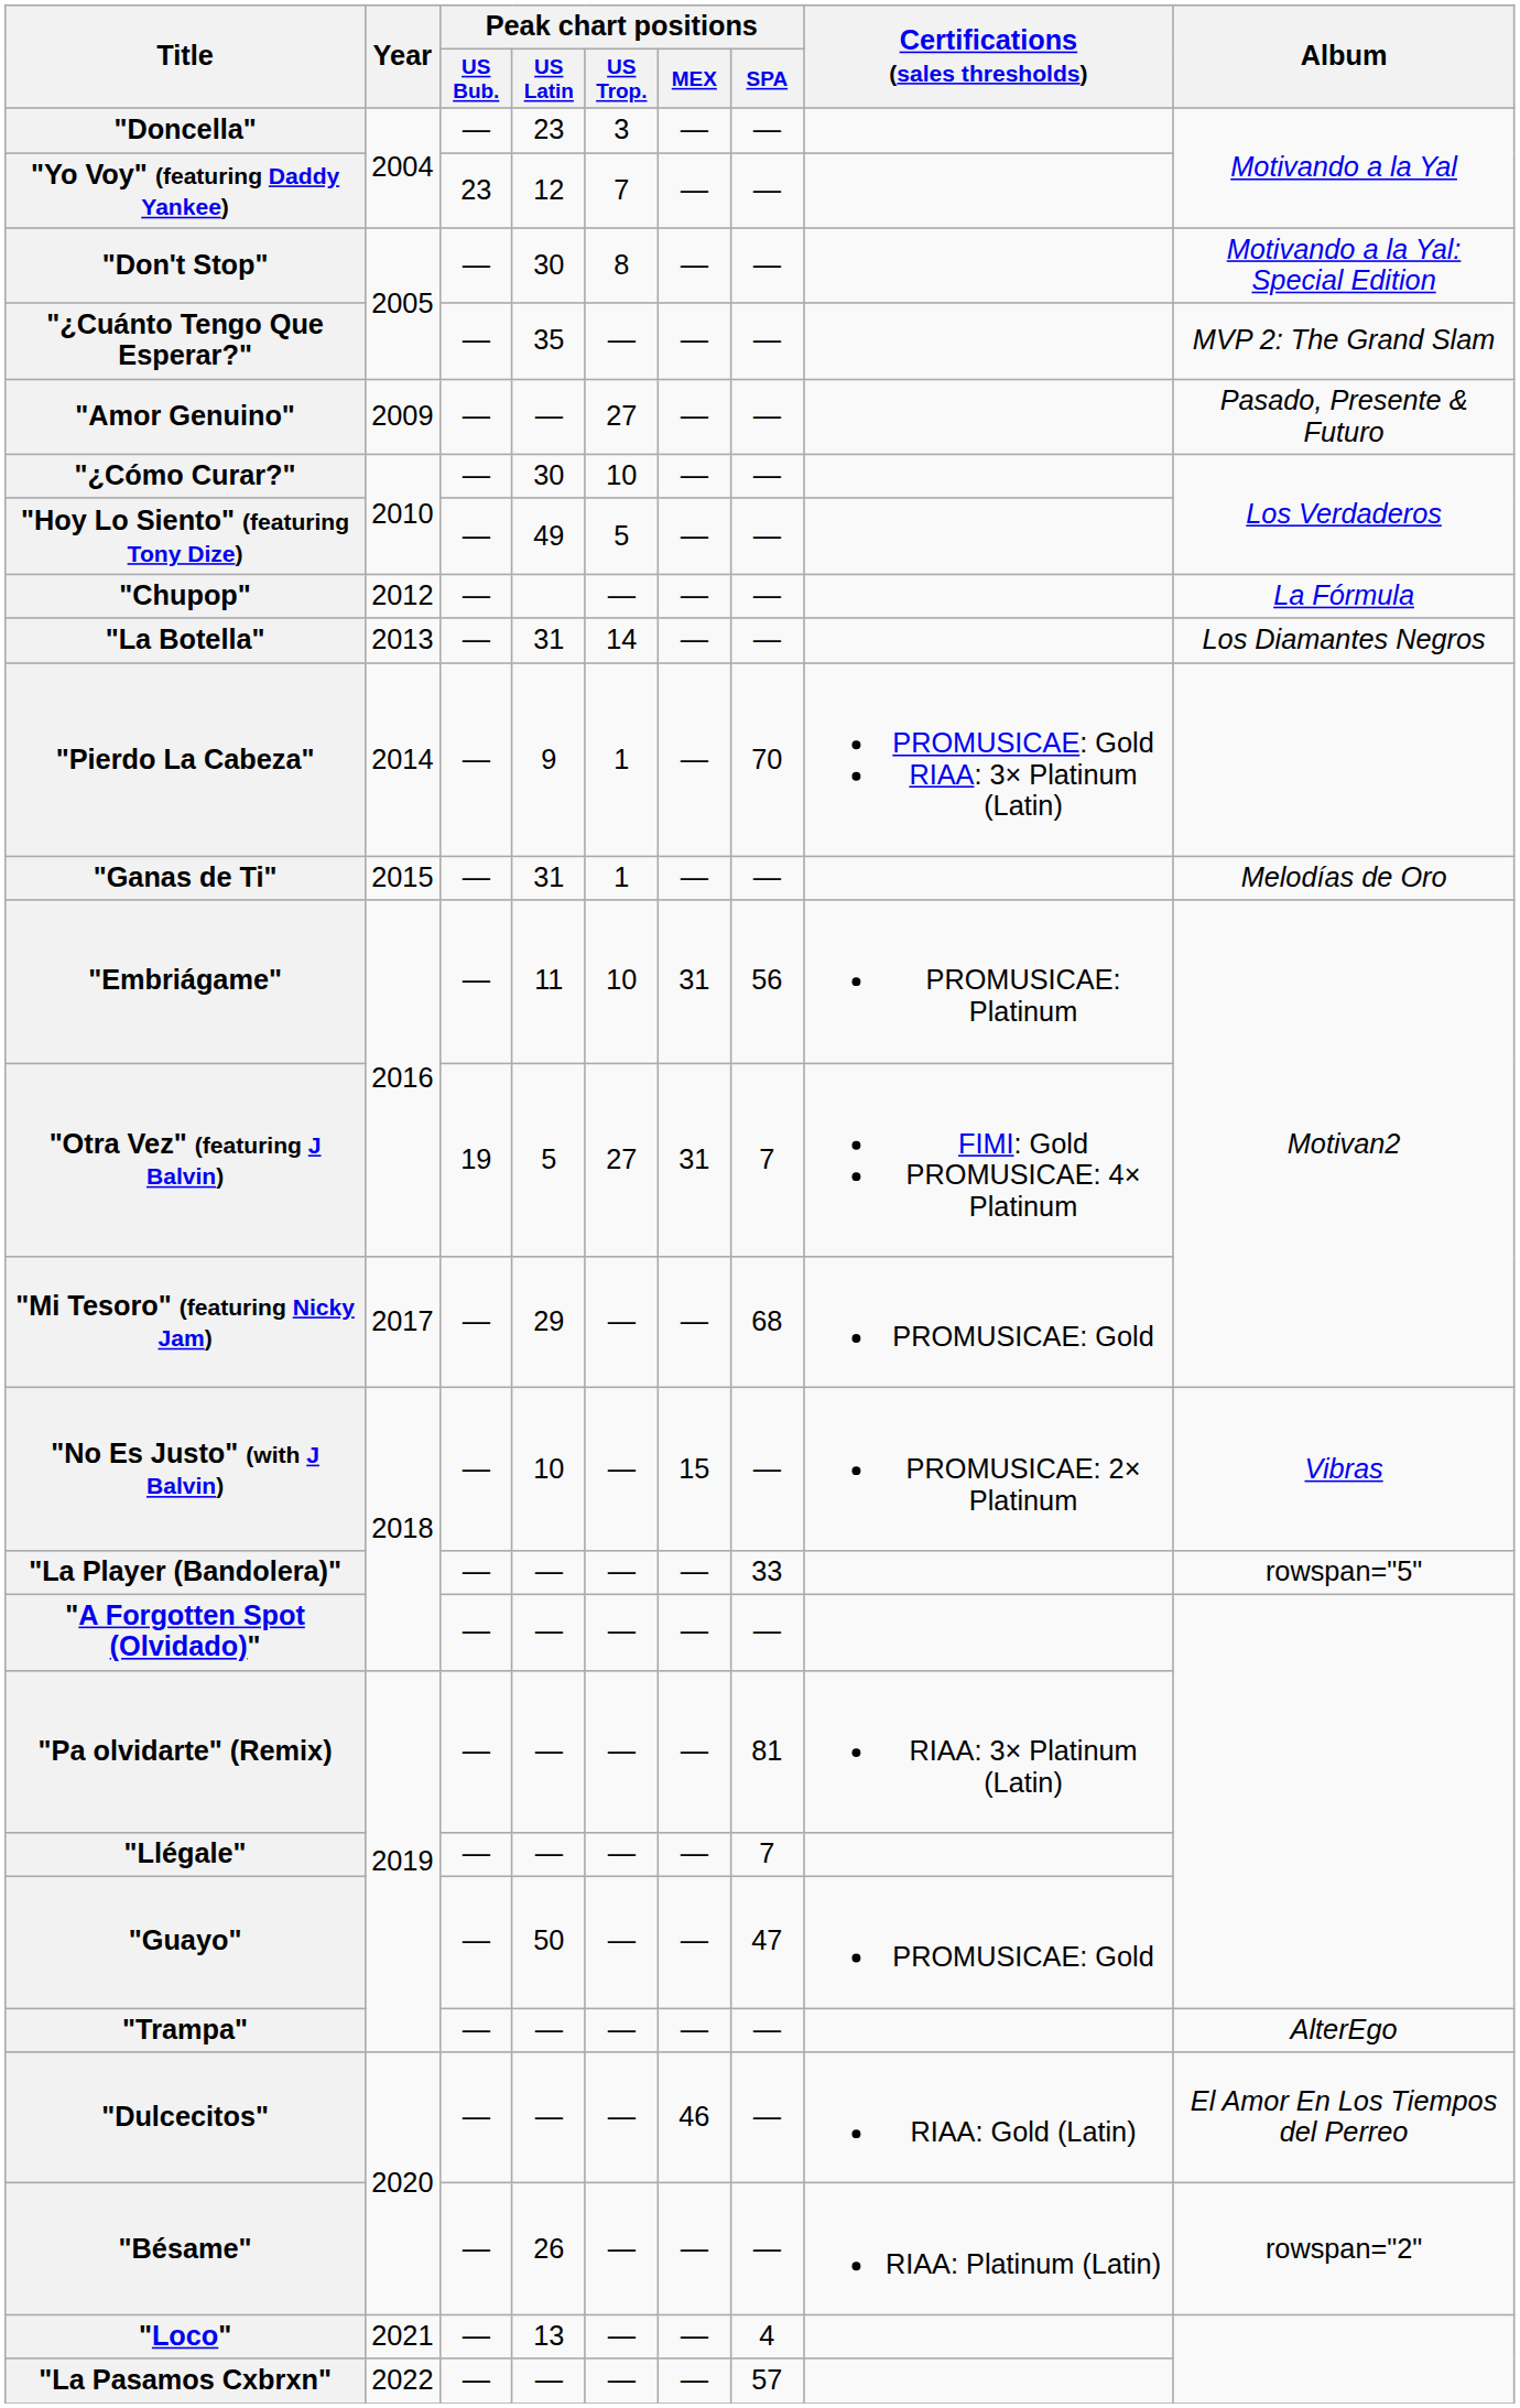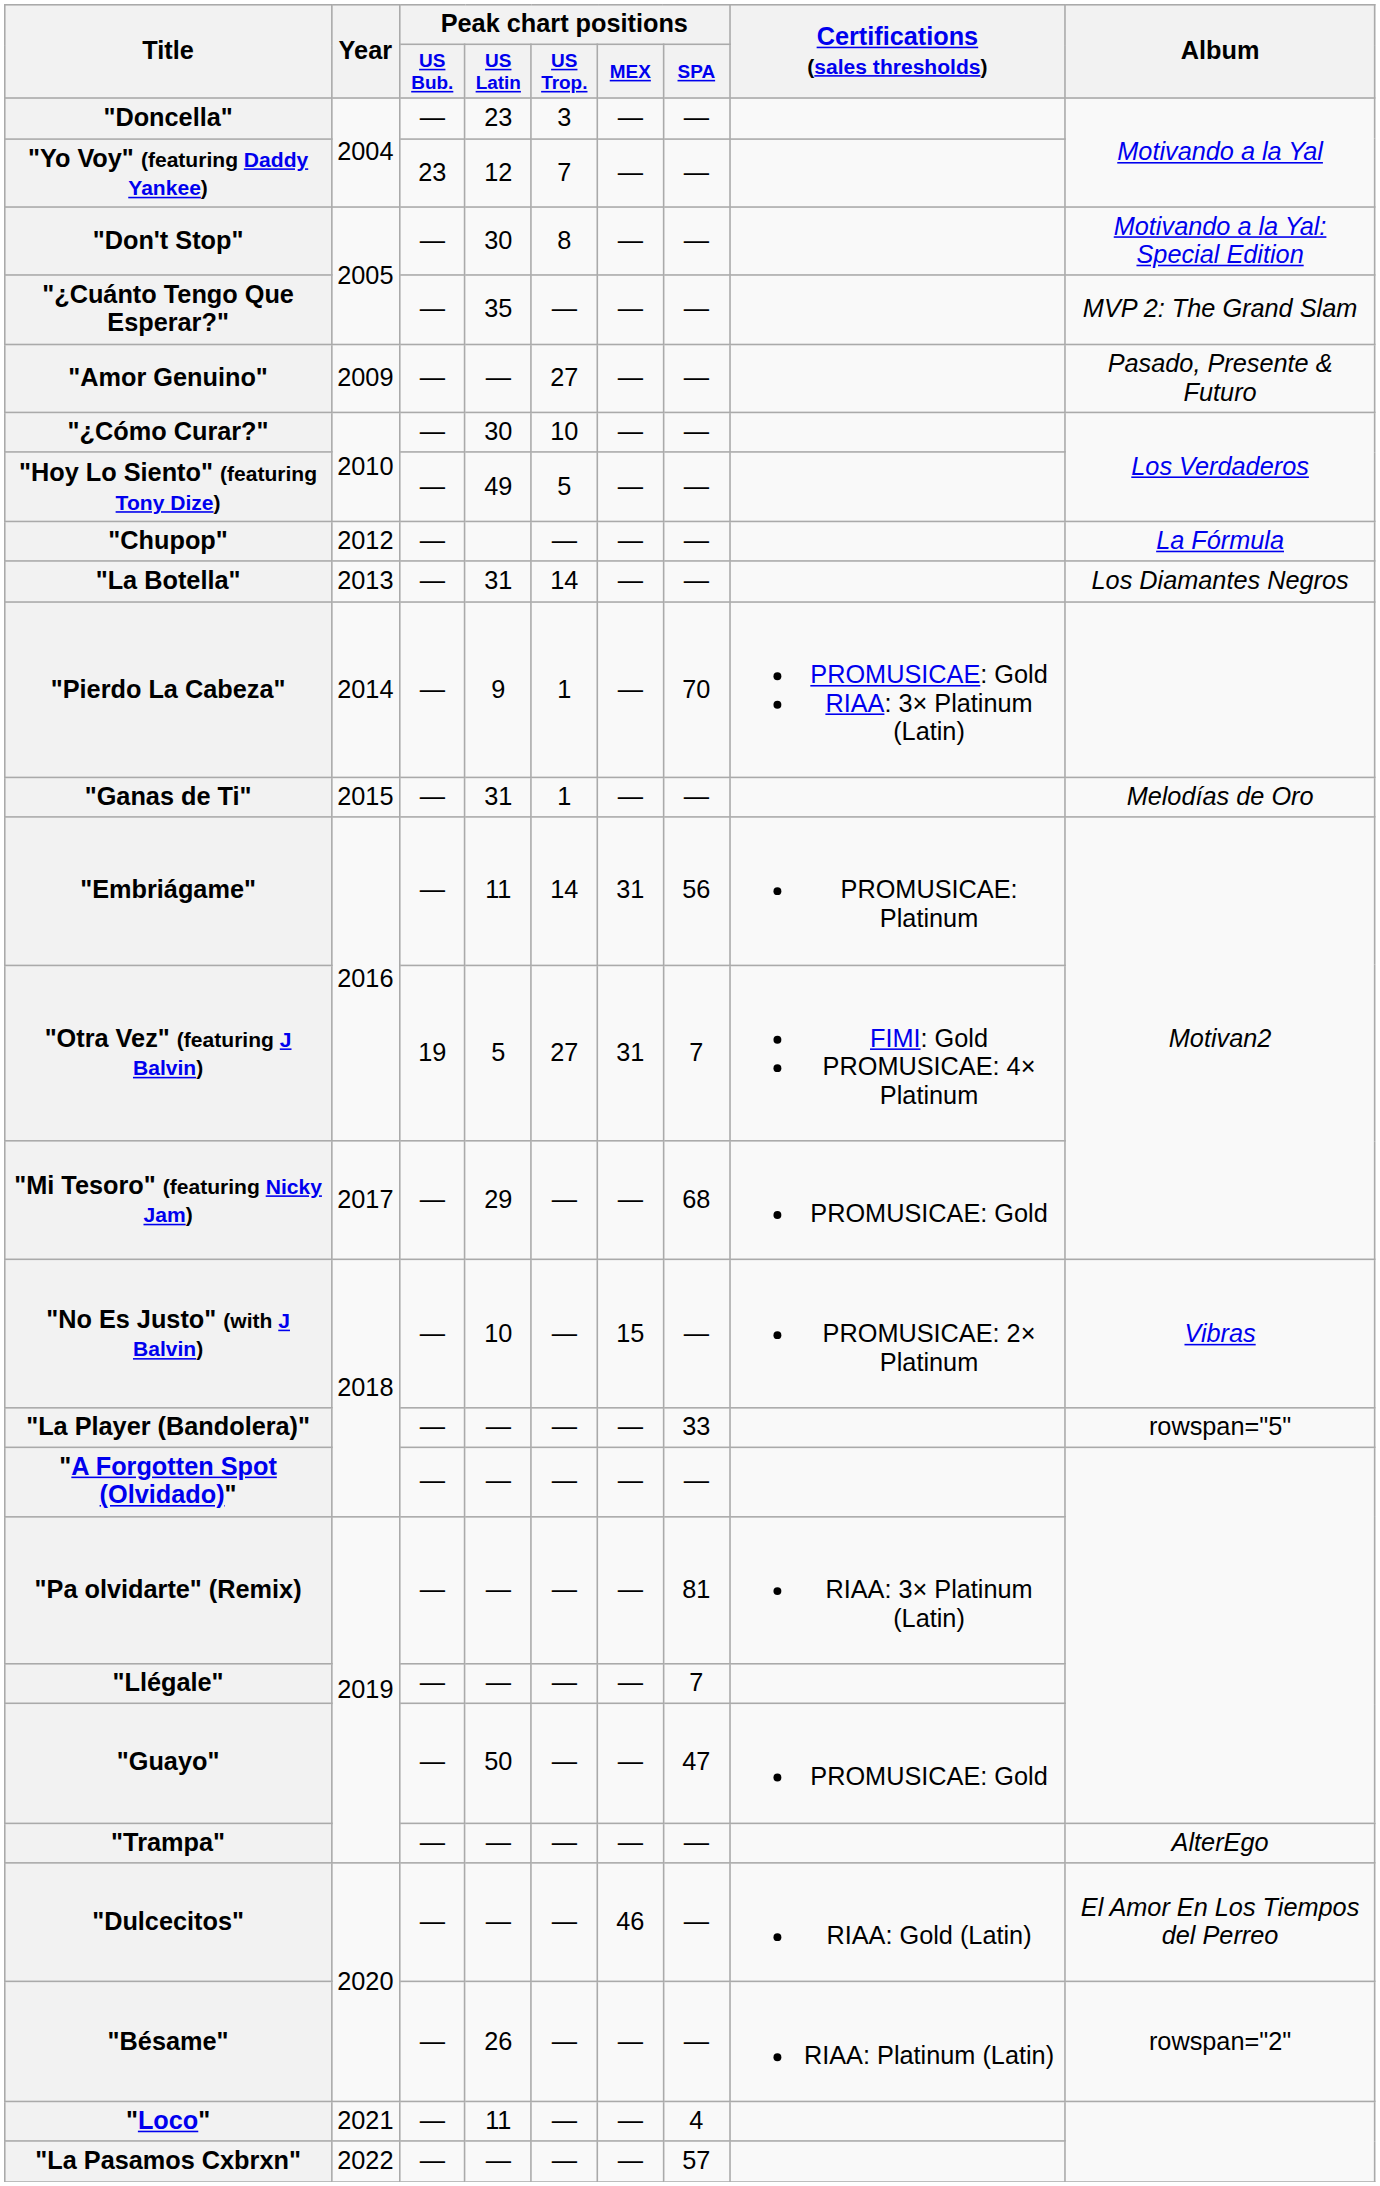 <table class="wikitable plainrowheaders" style="text-align:center;">
 <tr>
 <th scope="col" rowspan="2">Title</th>
 <th scope="col" rowspan="2">Year</th>
 <th scope="col" colspan="5">Peak chart positions</th>
 <th scope="col" rowspan="2"><a href='#'>Certifications</a><br><small>(<a href='#'>sales thresholds</a>)</small></th>
 <th scope="col" rowspan="2">Album</th>
 </tr>
 <tr style="font-size:smaller;">
 <th scope="col" style="width:3em; font-size:90%;"><a href='#'>US<br>Bub.</a><br></th>
 <th scope="col" style="width:3em; font-size:90%;"><a href='#'>US Latin</a><br></th>
 <th scope="col" style="width:3em; font-size:90%;"><a href='#'>US<br>Trop.</a><br></th>
 <th scope="col" style="width:3em; font-size:90%;"><a href='#'>MEX</a><br></th>
 <th scope="col" style="width:3em; font-size:90%;"><a href='#'>SPA</a><br></th>
 </tr>
 <tr>
 <th scope="row">"Doncella"</th>
 <td rowspan="2">2004</td>
 <td>—</td>
 <td>23</td>
 <td>3</td>
 <td>—</td>
 <td>—</td>
 <td></td>
 <td rowspan="2"><em><a href='#'>Motivando a la Yal</a></em></td>
 </tr>
 <tr>
 <th scope="row">"Yo Voy" <small>(featuring <a href='#'>Daddy Yankee</a>)</small></th>
 <td>23</td>
 <td>12</td>
 <td>7</td>
 <td>—</td>
 <td>—</td>
 <td></td>
 </tr>
 <tr>
 <th scope="row">"Don't Stop"</th>
 <td rowspan="2">2005</td>
 <td>—</td>
 <td>30</td>
 <td>8</td>
 <td>—</td>
 <td>—</td>
 <td></td>
 <td><em><a href='#'>Motivando a la Yal: Special Edition</a></em></td>
 </tr>
 <tr>
 <th scope="row">"¿Cuánto Tengo Que Esperar?"</th>
 <td>—</td>
 <td>35</td>
 <td>—</td>
 <td>—</td>
 <td>—</td>
 <td></td>
 <td><em>MVP 2: The Grand Slam</em></td>
 </tr>
 <tr>
 <th scope="row">"Amor Genuino"</th>
 <td>2009</td>
 <td>—</td>
 <td>—</td>
 <td>27</td>
 <td>—</td>
 <td>—</td>
 <td></td>
 <td><em>Pasado, Presente & Futuro</em></td>
 </tr>
 <tr>
 <th scope="row">"¿Cómo Curar?"</th>
 <td rowspan="2">2010</td>
 <td>—</td>
 <td>30</td>
 <td>10</td>
 <td>—</td>
 <td>—</td>
 <td></td>
 <td rowspan="2"><em><a href='#'>Los Verdaderos</a></em></td>
 </tr>
 <tr>
 <th scope="row">"Hoy Lo Siento" <small>(featuring <a href='#'>Tony Dize</a>)</small></th>
 <td>—</td>
 <td>49</td>
 <td>5</td>
 <td>—</td>
 <td>—</td>
 <td></td>
 </tr>
 <tr>
 <th scope="row">"Chupop"</th>
 <td>2012</td>
 <td>—</td>
 <td></td>
 <td>—</td>
 <td>—</td>
 <td>—</td>
 <td></td>
 <td><em><a href='#'>La Fórmula</a></em></td>
 </tr>
 <tr>
 <th scope="row">"La Botella"</th>
 <td>2013</td>
 <td>—</td>
 <td>31</td>
 <td>14</td>
 <td>—</td>
 <td>—</td>
 <td></td>
 <td><em>Los Diamantes Negros</em></td>
 </tr>
 <tr>
 <th scope="row">"Pierdo La Cabeza"</th>
 <td>2014</td>
 <td>—</td>
 <td>9</td>
 <td>1</td>
 <td>—</td>
 <td>70</td>
 <td><br><ul><li><a href='#'>PROMUSICAE</a>: Gold</li><li><a href='#'>RIAA</a>: 3× Platinum (Latin)</li></ul></td>
 <td></td>
 </tr>
 <tr>
 <th scope="row">"Ganas de Ti"</th>
 <td>2015</td>
 <td>—</td>
 <td>31</td>
 <td>1</td>
 <td>—</td>
 <td>—</td>
 <td></td>
 <td><em>Melodías de Oro</em></td>
 </tr>
 <tr>
 <th scope="row">"Embriágame"</th>
 <td rowspan="2">2016</td>
 <td>—</td>
 <td>11</td>
-<td>10</td>
+<td>14</td>
 <td>31</td>
 <td>56</td>
 <td><br><ul><li>PROMUSICAE: Platinum</li></ul></td>
 <td rowspan="3"><em>Motivan2</em></td>
 </tr>
 <tr>
 <th scope="row">"Otra Vez" <small>(featuring <a href='#'>J Balvin</a>)</small></th>
 <td>19</td>
 <td>5</td>
 <td>27</td>
 <td>31</td>
 <td>7</td>
 <td><br><ul><li><a href='#'>FIMI</a>: Gold</li><li>PROMUSICAE: 4× Platinum</li></ul></td>
 </tr>
 <tr>
 <th scope="row">"Mi Tesoro" <small>(featuring <a href='#'>Nicky Jam</a>)</small></th>
 <td>2017</td>
 <td>—</td>
 <td>29</td>
 <td>—</td>
 <td>—</td>
 <td>68</td>
 <td><br><ul><li>PROMUSICAE: Gold</li></ul></td>
 </tr>
 <tr>
 <th scope="row">"No Es Justo" <small>(with <a href='#'>J Balvin</a>)</small></th>
 <td rowspan="3">2018</td>
 <td>—</td>
 <td>10</td>
 <td>—</td>
 <td>15</td>
 <td>—</td>
 <td><br><ul><li>PROMUSICAE: 2× Platinum</li></ul></td>
 <td><em><a href='#'>Vibras</a></em></td>
 </tr>
 <tr>
 <th scope="row">"La Player (Bandolera)"</th>
 <td>—</td>
 <td>—</td>
 <td>—</td>
 <td>—</td>
 <td>33<br></td>
 <td></td>
 <td>rowspan="5" </td>
 </tr>
 <tr>
 <th scope="row">"<a href='#'>A Forgotten Spot (Olvidado)</a>"<br></th>
 <td>—</td>
 <td>—</td>
 <td>—</td>
 <td>—</td>
 <td>—</td>
 <td></td>
 </tr>
 <tr>
 <th scope="row">"Pa olvidarte" (Remix)<br></th>
 <td rowspan="4">2019</td>
 <td>—</td>
 <td>—</td>
 <td>—</td>
 <td>—</td>
 <td>81<br></td>
 <td><br><ul><li>RIAA: 3× Platinum (Latin)</li></ul></td>
 </tr>
 <tr>
 <th scope="row">"Llégale"<br></th>
 <td>—</td>
 <td>—</td>
 <td>—</td>
 <td>—</td>
 <td>7</td>
 <td></td>
 </tr>
 <tr>
 <th scope="row">"Guayo"<br></th>
 <td>—</td>
 <td>50</td>
 <td>—</td>
 <td>—</td>
 <td>47<br></td>
 <td><br><ul><li>PROMUSICAE: Gold</li></ul></td>
 </tr>
 <tr>
 <th scope="row">"Trampa"<br></th>
 <td>—</td>
 <td>—</td>
 <td>—</td>
 <td>—</td>
 <td>—</td>
 <td></td>
 <td><em>AlterEgo</em></td>
 </tr>
 <tr>
 <th scope="row">"Dulcecitos"<br></th>
 <td rowspan="2">2020</td>
 <td>—</td>
 <td>—</td>
 <td>—</td>
 <td>46</td>
 <td>—</td>
 <td><br><ul><li>RIAA: Gold (Latin)</li></ul></td>
 <td><em>El Amor En Los Tiempos del Perreo</em></td>
 </tr>
 <tr>
 <th scope="row">"Bésame"<br></th>
 <td>—</td>
 <td>26</td>
 <td>—</td>
 <td>—</td>
 <td>—</td>
 <td><br><ul><li>RIAA: Platinum (Latin)</li></ul></td>
 <td>rowspan="2" </td>
 </tr>
 <tr>
 <th scope="row">"<a href='#'>Loco</a>"<br></th>
 <td>2021</td>
 <td>—</td>
-<td>13</td>
+<td>11</td>
 <td>—</td>
 <td>—</td>
 <td>4</td>
 <td></td>
 </tr>
 <tr>
 <th scope="row">"La Pasamos Cxbrxn"<br></th>
 <td>2022</td>
 <td>—</td>
 <td>—</td>
 <td>—</td>
 <td>—</td>
 <td>57</td>
 <td></td>
 </tr>
 </table>
